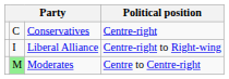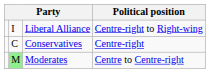 <table class="wikitable">
 <tr>
 <th colspan="3">Party</th>
 <th>Political position</th>
+</tr>
+<tr>
+<td></td>
+<td>I</td>
+<td><a href='#'>Liberal Alliance</a></td>
+<td><a href='#'>Centre-right</a> to <a href='#'>Right-wing</a></td>
 </tr>
 <tr>
 <td></td>
 <td>C</td>
 <td><a href='#'>Conservatives</a></td>
 <td><a href='#'>Centre-right</a></td>
 </tr>
 <tr>
 <td></td>
-<td>I</td>
-<td><a href='#'>Liberal Alliance</a></td>
-<td><a href='#'>Centre-right</a> to <a href='#'>Right-wing</a></td>
-</tr>
-<tr>
-<td></td>
 <td style="background: lightgreen;">M</td>
 <td><a href='#'>Moderates</a></td>
 <td><a href='#'>Centre</a> to <a href='#'>Centre-right</a></td>
 </tr>
 </table>
